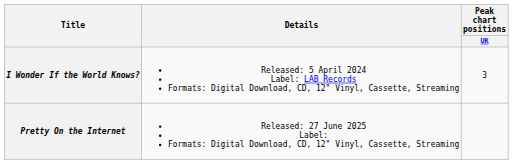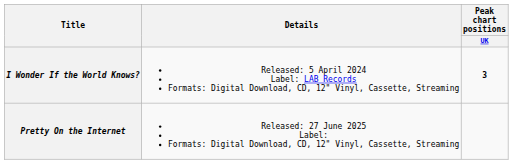 <table class="wikitable plainrowheaders" style="text-align:center;">
 <tr>
 <th scope="col" rowspan="2">Title</th>
 <th scope="col" rowspan="2">Details</th>
 <th scope="col" colspan="2">Peak chart positions</th>
 </tr>
 <tr>
 <th scope="col" style="width:3em;font-size:85%;"><a href='#'>UK</a><br></th>
 </tr>
 <tr>
 <th scope="row"><em>I Wonder If the World Knows?</em></th>
 <td><br><ul><li>Released: 5 April 2024</li><li>Label: <a href='#'>LAB Records</a></li><li>Formats: Digital Download, CD, 12" Vinyl, Cassette, Streaming</li></ul></td>
-<td>3</td>
+<td><strong>3</strong></td>
 </tr>
 <tr>
 <th scope="row"><em>Pretty On the Internet</em></th>
 <td><br><ul><li>Released: 27 June 2025</li><li>Label:</li><li>Formats: Digital Download, CD, 12" Vinyl, Cassette, Streaming</li></ul></td>
 <td></td>
 </tr>
 </table>
